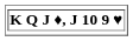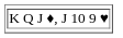 <table border="1" | thumb "centre" |>
 <tr ---->
 </tr>
 <tr ---->
-<td><strong>K Q J <span>♦</span>, J 10 9 <span>♥</span></strong></td>
+<td>K Q J <span>♦</span>, J 10 9 <span>♥</span></td>
 </tr>
 <tr ---->
 </tr>
 </table>
